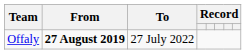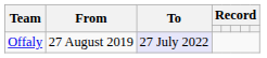 <table class=wikitable style="text-align: center">
 <tr>
 <th rowspan=2>Team</th>
 <th rowspan=2>From</th>
 <th rowspan=2>To</th>
 <th colspan=5>Record</th>
 </tr>
 <tr>
 <th></th>
 <th></th>
 <th></th>
 <th></th>
 <th></th>
 </tr>
 <tr>
 <td align=left><a href='#'>Offaly</a></td>
-<td align=left><strong>27 August 2019</strong></td>
-<td align=left>27 July 2022<br></td>
+<td align=left>27 August 2019</td>
+<td align=left style="background: lavender;">27 July 2022<br></td>
 </tr>
 </table>
